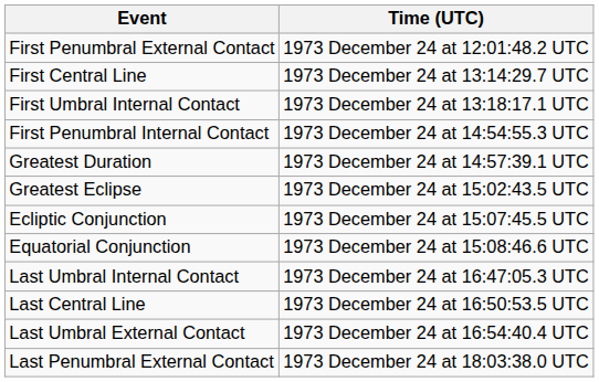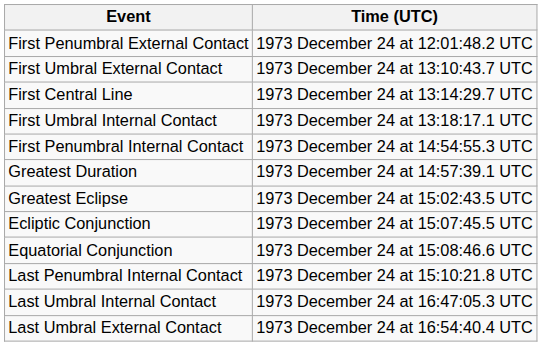 <table class="wikitable">
 <tr>
 <th>Event</th>
 <th>Time (UTC)</th>
 </tr>
 <tr>
 <td>First Penumbral External Contact</td>
 <td>1973 December 24 at 12:01:48.2 UTC</td>
+</tr>
+<tr>
+<td>First Umbral External Contact</td>
+<td>1973 December 24 at 13:10:43.7 UTC</td>
 </tr>
 <tr>
 <td>First Central Line</td>
 <td>1973 December 24 at 13:14:29.7 UTC</td>
 </tr>
 <tr>
 <td>First Umbral Internal Contact</td>
 <td>1973 December 24 at 13:18:17.1 UTC</td>
 </tr>
 <tr>
 <td>First Penumbral Internal Contact</td>
 <td>1973 December 24 at 14:54:55.3 UTC</td>
 </tr>
 <tr>
 <td>Greatest Duration</td>
 <td>1973 December 24 at 14:57:39.1 UTC</td>
 </tr>
 <tr>
 <td>Greatest Eclipse</td>
 <td>1973 December 24 at 15:02:43.5 UTC</td>
 </tr>
 <tr>
 <td>Ecliptic Conjunction</td>
 <td>1973 December 24 at 15:07:45.5 UTC</td>
 </tr>
 <tr>
 <td>Equatorial Conjunction</td>
 <td>1973 December 24 at 15:08:46.6 UTC</td>
 </tr>
 <tr>
+<td>Last Penumbral Internal Contact</td>
+<td>1973 December 24 at 15:10:21.8 UTC</td>
+</tr>
+<tr>
 <td>Last Umbral Internal Contact</td>
 <td>1973 December 24 at 16:47:05.3 UTC</td>
-</tr>
-<tr>
-<td>Last Central Line</td>
-<td>1973 December 24 at 16:50:53.5 UTC</td>
 </tr>
 <tr>
 <td>Last Umbral External Contact</td>
 <td>1973 December 24 at 16:54:40.4 UTC</td>
 </tr>
-<tr>
-<td>Last Penumbral External Contact</td>
-<td>1973 December 24 at 18:03:38.0 UTC</td>
-</tr>
 </table>
